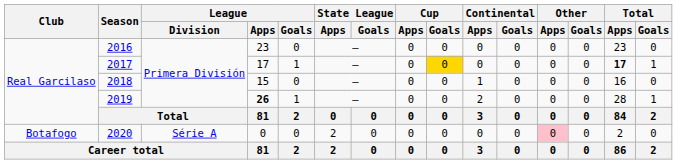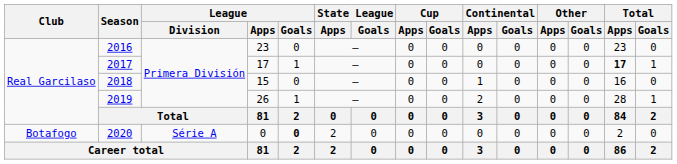 <table class="wikitable" style="text-align: center">
 <tr>
 <th rowspan="2">Club</th>
 <th rowspan="2">Season</th>
 <th colspan="3">League</th>
 <th colspan="2">State League</th>
 <th colspan="2">Cup</th>
 <th colspan="2">Continental</th>
 <th colspan="2">Other</th>
 <th colspan="2">Total</th>
 </tr>
 <tr>
 <th>Division</th>
 <th>Apps</th>
 <th>Goals</th>
 <th>Apps</th>
 <th>Goals</th>
 <th>Apps</th>
 <th>Goals</th>
 <th>Apps</th>
 <th>Goals</th>
 <th>Apps</th>
 <th>Goals</th>
 <th>Apps</th>
 <th>Goals</th>
 </tr>
 <tr>
 <td rowspan="5"><a href='#'>Real Garcilaso</a></td>
 <td><a href='#'>2016</a></td>
 <td rowspan="4"><a href='#'>Primera División</a></td>
 <td>23</td>
 <td>0</td>
 <td colspan="2">–</td>
 <td>0</td>
 <td>0</td>
 <td>0</td>
 <td>0</td>
 <td>0</td>
 <td>0</td>
 <td>23</td>
 <td>0</td>
 </tr>
 <tr>
 <td><a href='#'>2017</a></td>
 <td>17</td>
 <td>1</td>
 <td colspan="2">–</td>
 <td>0</td>
-<td style="background: gold;">0</td>
+<td>0</td>
 <td>0</td>
 <td>0</td>
 <td>0</td>
 <td>0</td>
 <td><strong>17</strong></td>
 <td>1</td>
 </tr>
 <tr>
 <td><a href='#'>2018</a></td>
 <td>15</td>
 <td>0</td>
 <td colspan="2">–</td>
 <td>0</td>
 <td>0</td>
 <td>1</td>
 <td>0</td>
 <td>0</td>
 <td>0</td>
 <td>16</td>
 <td>0</td>
 </tr>
 <tr>
 <td><a href='#'>2019</a></td>
-<td><strong>26</strong></td>
+<td>26</td>
 <td>1</td>
 <td colspan="2">–</td>
 <td>0</td>
 <td>0</td>
 <td>2</td>
 <td>0</td>
 <td>0</td>
 <td>0</td>
 <td>28</td>
 <td>1</td>
 </tr>
 <tr>
 <th colspan="2"><strong>Total</strong></th>
 <th>81</th>
 <th>2</th>
 <th>0</th>
 <th>0</th>
 <th>0</th>
 <th>0</th>
 <th>3</th>
 <th>0</th>
 <th>0</th>
 <th>0</th>
 <th>84</th>
 <th>2</th>
 </tr>
 <tr>
 <td><a href='#'>Botafogo</a></td>
 <td><a href='#'>2020</a></td>
 <td><a href='#'>Série A</a></td>
 <td>0</td>
-<td>0</td>
+<td><strong>0</strong></td>
 <td>2</td>
 <td>0</td>
 <td>0</td>
 <td>0</td>
 <td>0</td>
 <td>0</td>
-<td style="background: pink;">0</td>
+<td>0</td>
 <td>0</td>
 <td>2</td>
 <td>0</td>
 </tr>
 <tr>
 <th colspan="3"><strong>Career total</strong></th>
 <th>81</th>
 <th>2</th>
 <th>2</th>
 <th>0</th>
 <th>0</th>
 <th>0</th>
 <th>3</th>
 <th>0</th>
 <th>0</th>
 <th>0</th>
 <th>86</th>
 <th>2</th>
 </tr>
 </table>
